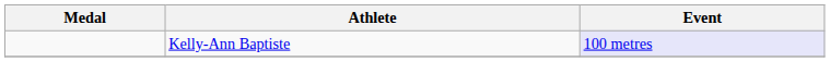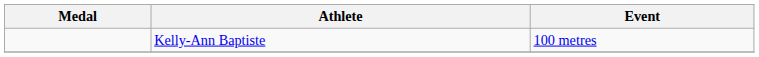 <table class="wikitable" style="font-size:90%" width=60%>
 <tr>
 <th>Medal</th>
 <th>Athlete</th>
 <th>Event</th>
 </tr>
 <tr>
 <td></td>
 <td><a href='#'>Kelly-Ann Baptiste</a></td>
-<td style="background: lavender;"><a href='#'>100 metres</a></td>
+<td><a href='#'>100 metres</a></td>
 </tr>
 <tr>
 </tr>
 </table>
